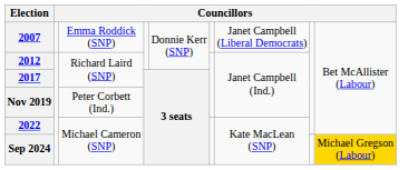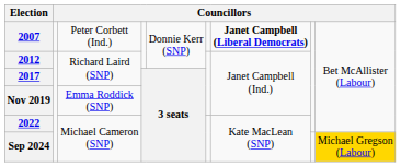 <table class="wikitable" style="text-align:center">
 <tr>
 <th>Election</th>
 <th colspan=8>Councillors</th>
 </tr>
 <tr>
 <th><a href='#'>2007</a></th>
 <td rowspan=1; style="background-color: "></td>
-<td rowspan=1><a href='#'>Emma Roddick</a><br>(<a href='#'>SNP</a>)</td>
+<td rowspan=1>Peter Corbett<br>(Ind.)</td>
 <td rowspan=2; style="background-color: "></td>
 <td rowspan=2>Donnie Kerr<br>(<a href='#'>SNP</a>)</td>
 <td rowspan=1; style="background-color: "></td>
-<td rowspan=1>Janet Campbell<br>(<a href='#'>Liberal Democrats</a>)</td>
+<td rowspan=1><strong>Janet Campbell<br>(<a href='#'>Liberal Democrats</a>)</strong></td>
 <td rowspan=5; style="background-color: "></td>
 <td rowspan=5>Bet McAllister<br>(<a href='#'>Labour</a>)</td>
 </tr>
 <tr>
 <th><a href='#'>2012</a></th>
 <td rowspan=5; style="background-color: "></td>
 <td rowspan=2>Richard Laird<br>(<a href='#'>SNP</a>)</td>
 <td rowspan=3; style="background-color: "></td>
 <td rowspan=3>Janet Campbell<br>(Ind.)</td>
 </tr>
 <tr>
 <th><a href='#'>2017</a></th>
 <th colspan=2; rowspan=4>3 seats</th>
 </tr>
 <tr>
 <th>Nov 2019</th>
-<td rowspan=1>Peter Corbett<br>(Ind.)</td>
+<td rowspan=1><a href='#'>Emma Roddick</a><br>(<a href='#'>SNP</a>)</td>
 </tr>
 <tr>
 <th><a href='#'>2022</a></th>
 <td rowspan="2">Michael Cameron<br>(<a href='#'>SNP</a>)</td>
 <td rowspan=2; style="background-color: "></td>
 <td rowspan=2>Kate MacLean<br>(<a href='#'>SNP</a>)</td>
 </tr>
 <tr>
 <th>Sep 2024</th>
 <td rowspan=1; style="background-color: "></td>
 <td style="background: gold;">Michael Gregson<br>(<a href='#'>Labour</a>)</td>
 </tr>
 </table>
